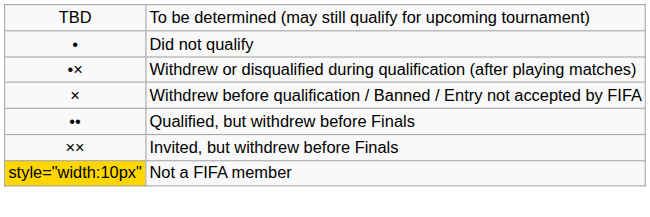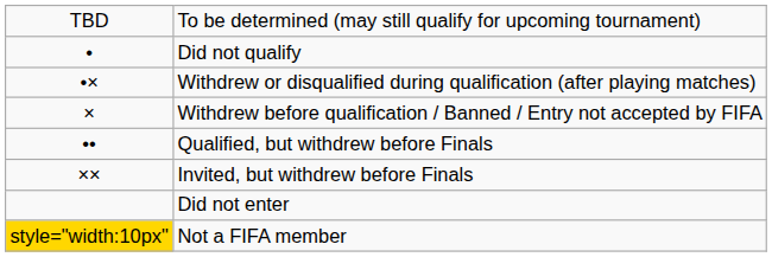 <table class="wikitable" style="font-size:90%">
 <tr>
 <td style="text-align:center;width:10px">TBD</td>
 <td>To be determined (may still qualify for upcoming tournament)</td>
 </tr>
 <tr>
 <td style="text-align:center;width:10px">•</td>
 <td>Did not qualify</td>
 </tr>
 <tr>
 <td style="text-align:center;width:10px">•×</td>
 <td>Withdrew or disqualified during qualification (after playing matches)</td>
 </tr>
 <tr>
 <td style="text-align:center;width:10px">×</td>
 <td>Withdrew before qualification / Banned / Entry not accepted by FIFA</td>
 </tr>
 <tr>
 <td style="text-align:center;width:10px">••</td>
 <td>Qualified, but withdrew before Finals</td>
 </tr>
 <tr>
 <td style="text-align:center;width:10px">××</td>
 <td>Invited, but withdrew before Finals</td>
 </tr>
 <tr>
+<td style="width:10px"></td>
+<td>Did not enter</td>
+</tr>
+<tr>
 <td style="background: gold;">style="width:10px" </td>
 <td>Not a FIFA member</td>
 </tr>
 </table>
